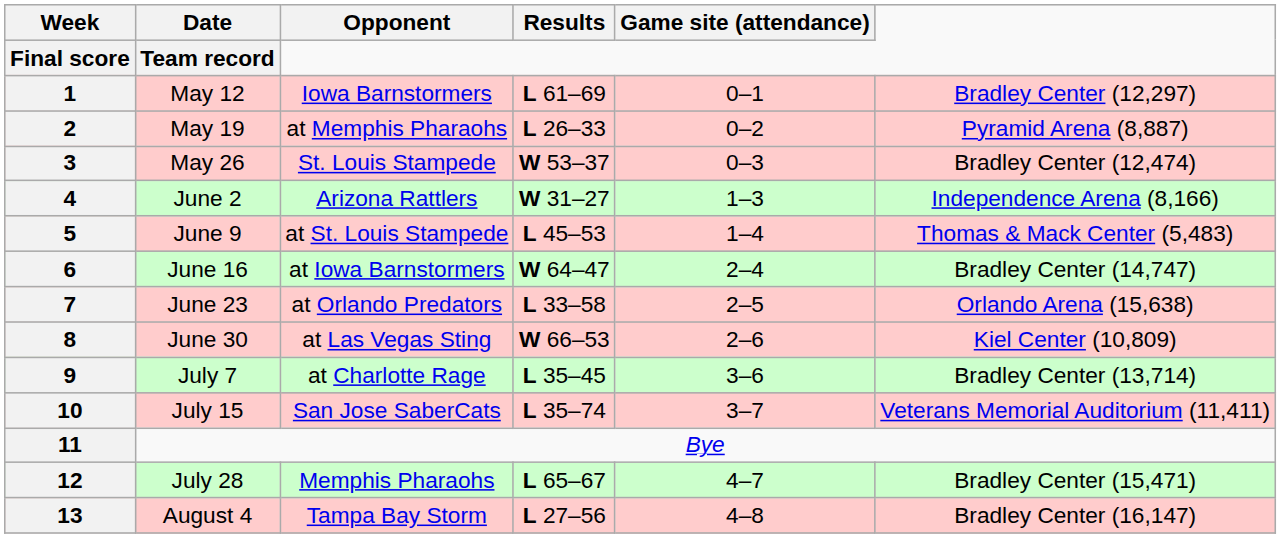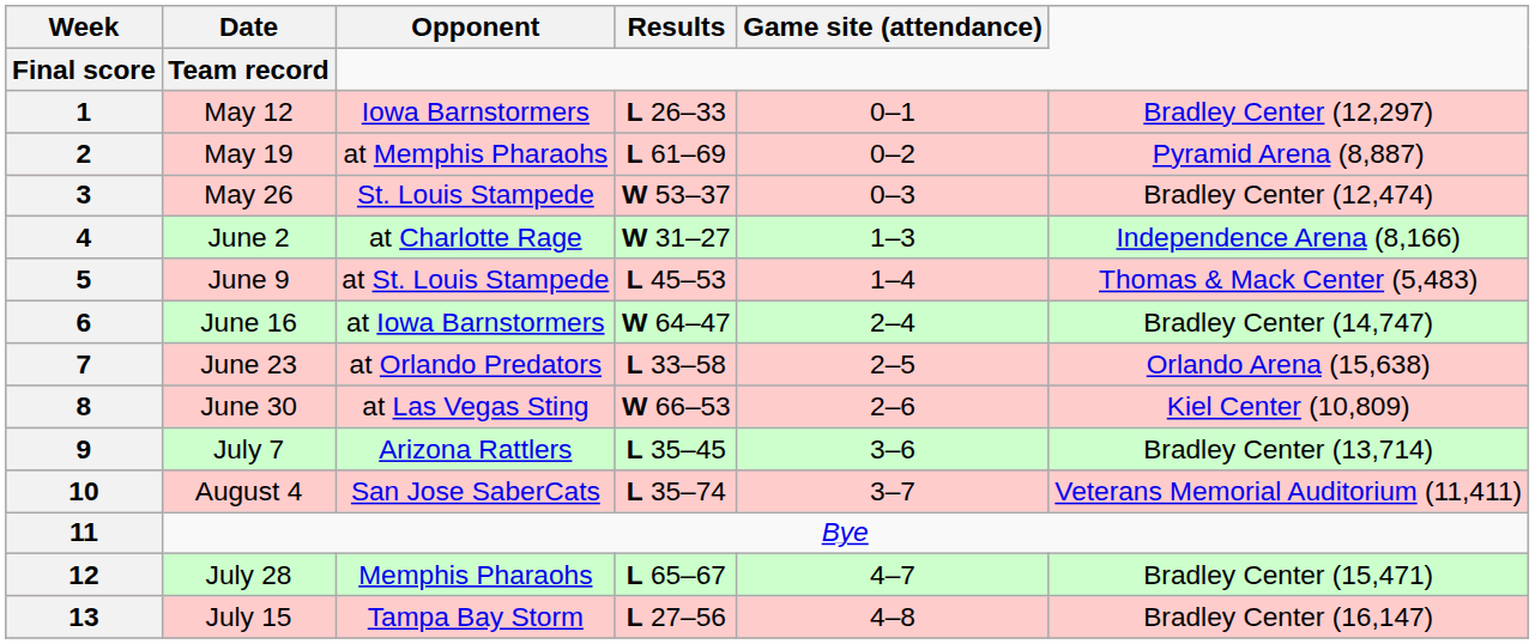 <table class="wikitable" style="font-size: 92%;" "align=center">
 <tr>
 <th>Week</th>
 <th>Date</th>
 <th>Opponent</th>
 <th>Results</th>
 <th>Game site (attendance)</th>
 </tr>
 <tr>
 <th>Final score</th>
 <th>Team record</th>
 </tr>
 <tr style="background:#fcc">
 <th>1</th>
 <td style="text-align:center;">May 12</td>
 <td style="text-align:center;"><a href='#'>Iowa Barnstormers</a></td>
-<td style="text-align:center;"><strong>L</strong> 61–69</td>
+<td style="text-align:center;"><strong>L</strong> 26–33</td>
 <td style="text-align:center;">0–1</td>
 <td style="text-align:center;"><a href='#'>Bradley Center</a> (12,297)</td>
 </tr>
 <tr style="background:#fcc">
 <th>2</th>
 <td style="text-align:center;">May 19</td>
 <td style="text-align:center;">at <a href='#'>Memphis Pharaohs</a></td>
-<td style="text-align:center;"><strong>L</strong> 26–33</td>
+<td style="text-align:center;"><strong>L</strong> 61–69</td>
 <td style="text-align:center;">0–2</td>
 <td style="text-align:center;"><a href='#'>Pyramid Arena</a> (8,887)</td>
 </tr>
 <tr style="background:#fcc">
 <th>3</th>
 <td style="text-align:center;">May 26</td>
 <td style="text-align:center;"><a href='#'>St. Louis Stampede</a></td>
 <td style="text-align:center;"><strong>W</strong> 53–37</td>
 <td style="text-align:center;">0–3</td>
 <td style="text-align:center;">Bradley Center (12,474)</td>
 </tr>
 <tr style="background:#cfc">
 <th>4</th>
 <td style="text-align:center;">June 2</td>
-<td style="text-align:center;"><a href='#'>Arizona Rattlers</a></td>
+<td style="text-align:center;">at <a href='#'>Charlotte Rage</a></td>
 <td style="text-align:center;"><strong>W</strong> 31–27</td>
 <td style="text-align:center;">1–3</td>
 <td style="text-align:center;"><a href='#'>Independence Arena</a> (8,166)</td>
 </tr>
 <tr style="background:#fcc">
 <th>5</th>
 <td style="text-align:center;">June 9</td>
 <td style="text-align:center;">at <a href='#'>St. Louis Stampede</a></td>
 <td style="text-align:center;"><strong>L</strong> 45–53</td>
 <td style="text-align:center;">1–4</td>
 <td style="text-align:center;"><a href='#'>Thomas & Mack Center</a> (5,483)</td>
 </tr>
 <tr style="background:#cfc">
 <th>6</th>
 <td style="text-align:center;">June 16</td>
 <td style="text-align:center;">at <a href='#'>Iowa Barnstormers</a></td>
 <td style="text-align:center;"><strong>W</strong> 64–47</td>
 <td style="text-align:center;">2–4</td>
 <td style="text-align:center;">Bradley Center (14,747)</td>
 </tr>
 <tr style="background:#fcc">
 <th>7</th>
 <td style="text-align:center;">June 23</td>
 <td style="text-align:center;">at <a href='#'>Orlando Predators</a></td>
 <td style="text-align:center;"><strong>L</strong> 33–58</td>
 <td style="text-align:center;">2–5</td>
 <td style="text-align:center;"><a href='#'>Orlando Arena</a> (15,638)</td>
 </tr>
 <tr style="background:#fcc">
 <th>8</th>
 <td style="text-align:center;">June 30</td>
 <td style="text-align:center;">at <a href='#'>Las Vegas Sting</a></td>
 <td style="text-align:center;"><strong>W</strong> 66–53</td>
 <td style="text-align:center;">2–6</td>
 <td style="text-align:center;"><a href='#'>Kiel Center</a> (10,809)</td>
 </tr>
 <tr style="background:#cfc">
 <th>9</th>
 <td style="text-align:center;">July 7</td>
-<td style="text-align:center;">at <a href='#'>Charlotte Rage</a></td>
+<td style="text-align:center;"><a href='#'>Arizona Rattlers</a></td>
 <td style="text-align:center;"><strong>L</strong> 35–45</td>
 <td style="text-align:center;">3–6</td>
 <td style="text-align:center;">Bradley Center (13,714)</td>
 </tr>
 <tr style="background:#fcc">
 <th>10</th>
-<td style="text-align:center;">July 15</td>
+<td style="text-align:center;">August 4</td>
 <td style="text-align:center;"><a href='#'>San Jose SaberCats</a></td>
 <td style="text-align:center;"><strong>L</strong> 35–74</td>
 <td style="text-align:center;">3–7</td>
 <td style="text-align:center;"><a href='#'>Veterans Memorial Auditorium</a> (11,411)</td>
 </tr>
 <tr style=>
 <th>11</th>
 <td colspan="8" style="text-align:center;"><em><a href='#'>Bye</a></em></td>
 </tr>
 <tr style="background:#cfc">
 <th>12</th>
 <td style="text-align:center;">July 28</td>
 <td style="text-align:center;"><a href='#'>Memphis Pharaohs</a></td>
 <td style="text-align:center;"><strong>L</strong> 65–67</td>
 <td style="text-align:center;">4–7</td>
 <td style="text-align:center;">Bradley Center (15,471)</td>
 </tr>
 <tr style="background:#fcc">
 <th>13</th>
-<td style="text-align:center;">August 4</td>
+<td style="text-align:center;">July 15</td>
 <td style="text-align:center;"><a href='#'>Tampa Bay Storm</a></td>
 <td style="text-align:center;"><strong>L</strong> 27–56</td>
 <td style="text-align:center;">4–8</td>
 <td style="text-align:center;">Bradley Center (16,147)</td>
 </tr>
 </table>
